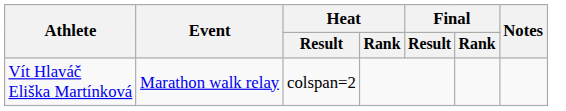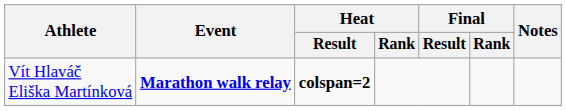 <table class="wikitable" style="font-size:90%">
 <tr>
 <th rowspan="2">Athlete</th>
 <th rowspan="2">Event</th>
 <th colspan="2">Heat</th>
 <th colspan="2">Final</th>
 <th rowspan="2">Notes</th>
 </tr>
 <tr style="font-size:95%">
 <th>Result</th>
 <th>Rank</th>
 <th>Result</th>
 <th>Rank</th>
 </tr>
 <tr align=center>
 <td align=left><a href='#'>Vít Hlaváč</a><br><a href='#'>Eliška Martínková</a></td>
-<td align=left><a href='#'>Marathon walk relay</a></td>
-<td>colspan=2 </td>
+<td align=left><strong><a href='#'>Marathon walk relay</a></strong></td>
+<td><strong>colspan=2 </strong></td>
 <td colspan="2"></td>
 <td></td>
 </tr>
 </table>
